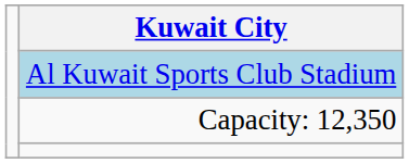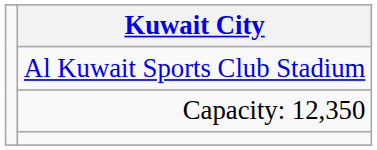 <table class="wikitable" style="margin:1em auto; text-align:right">
 <tr>
 <td rowspan="4"></td>
 <th><a href='#'>Kuwait City</a></th>
 </tr>
 <tr>
-<td style="background: lightblue;"><a href='#'>Al Kuwait Sports Club Stadium</a></td>
+<td><a href='#'>Al Kuwait Sports Club Stadium</a></td>
 </tr>
 <tr>
 <td>Capacity: 12,350</td>
 </tr>
 <tr>
 <td></td>
 </tr>
 </table>
